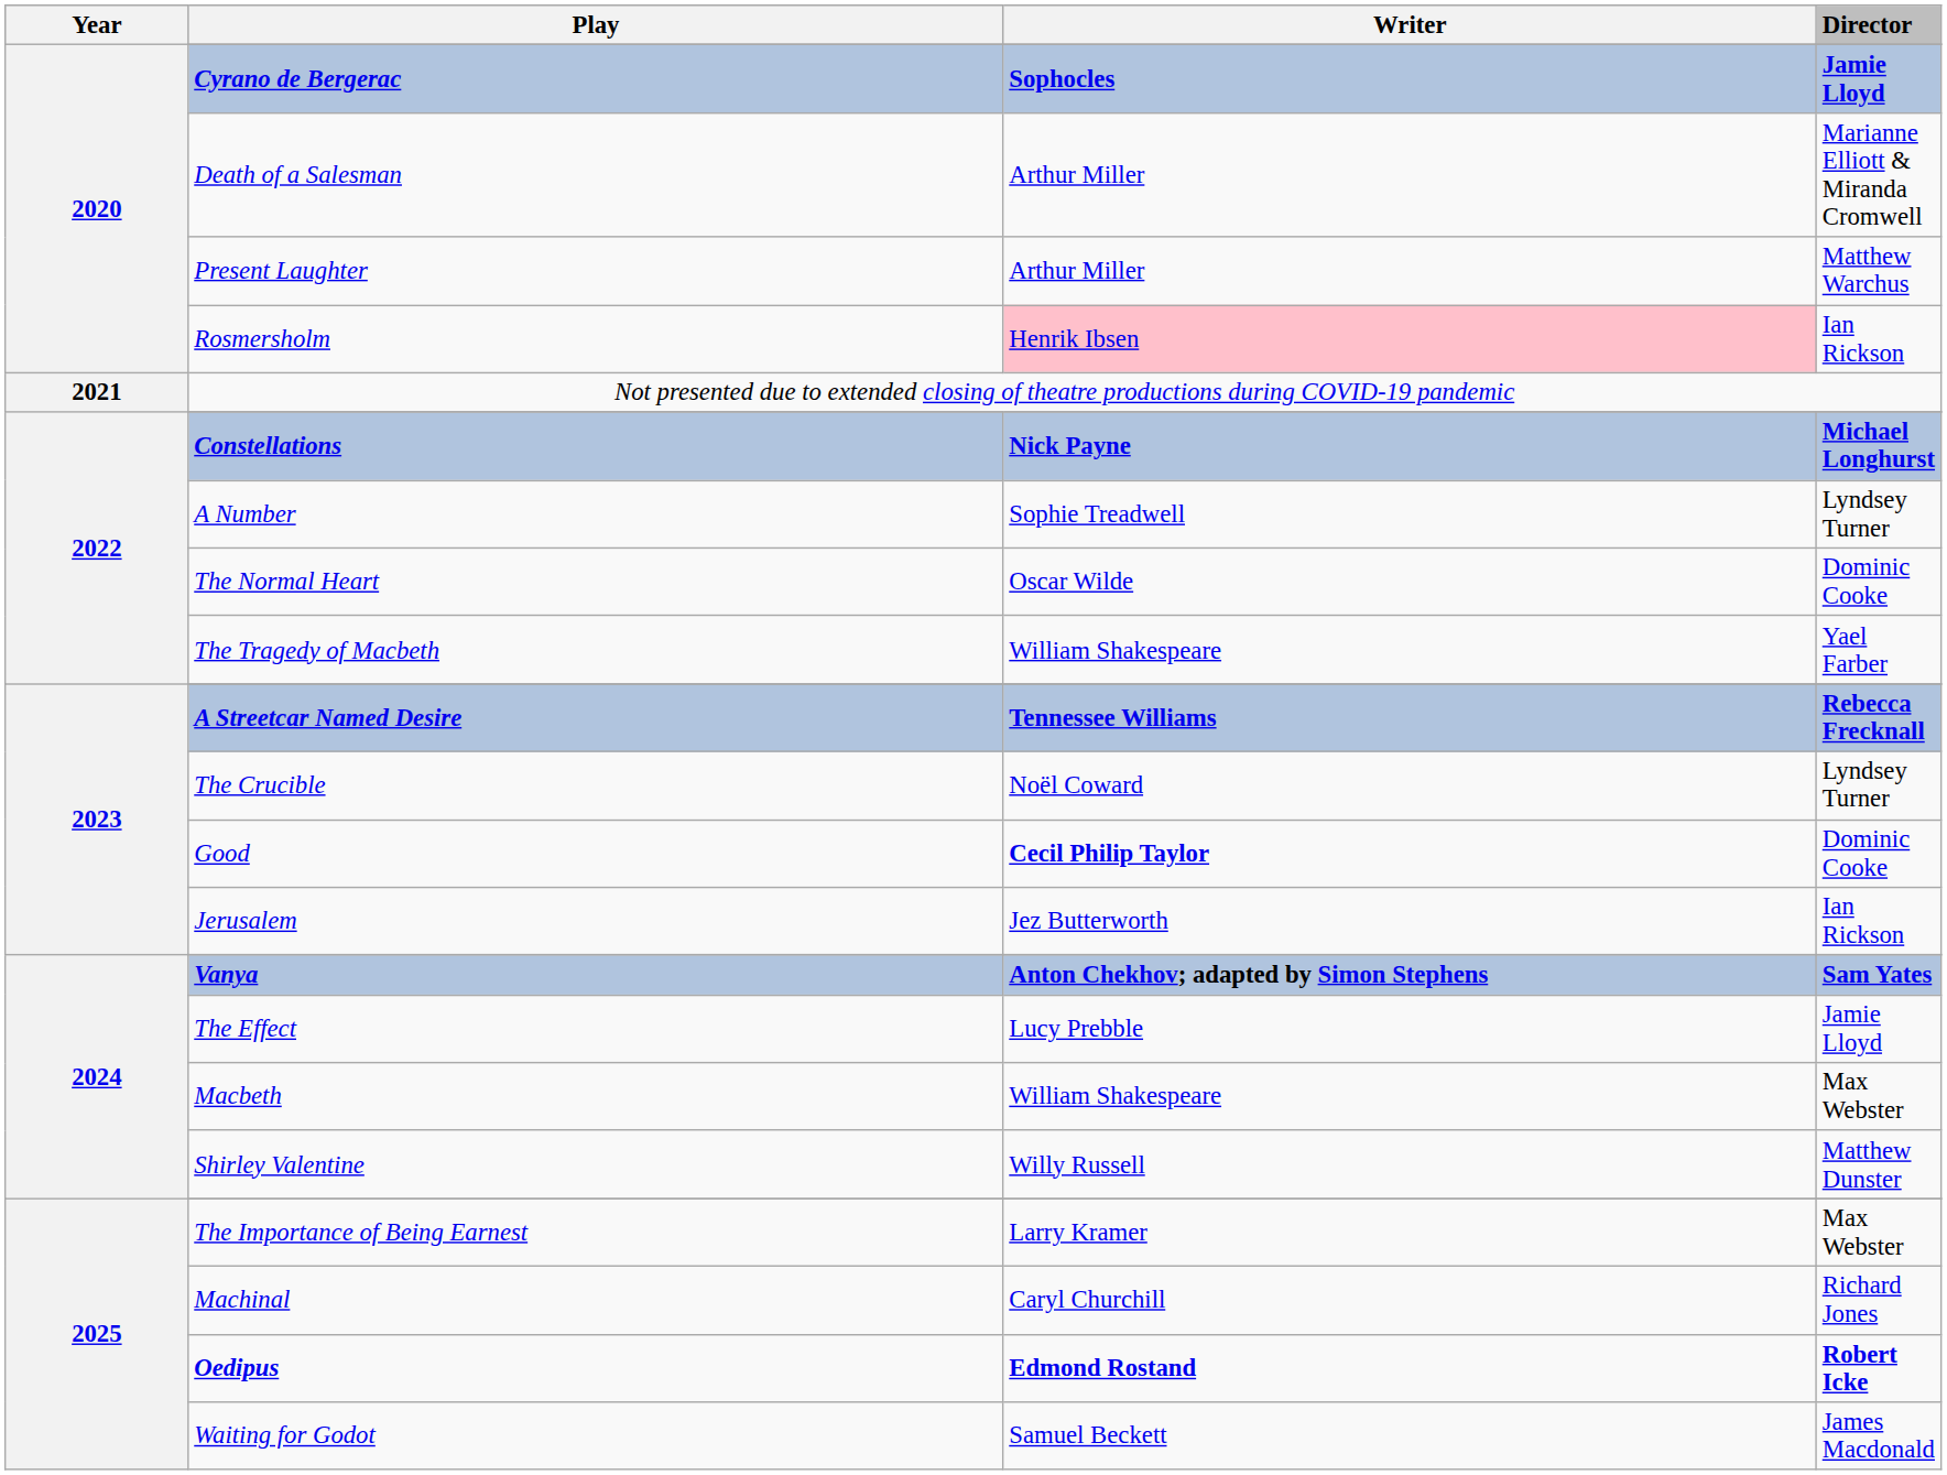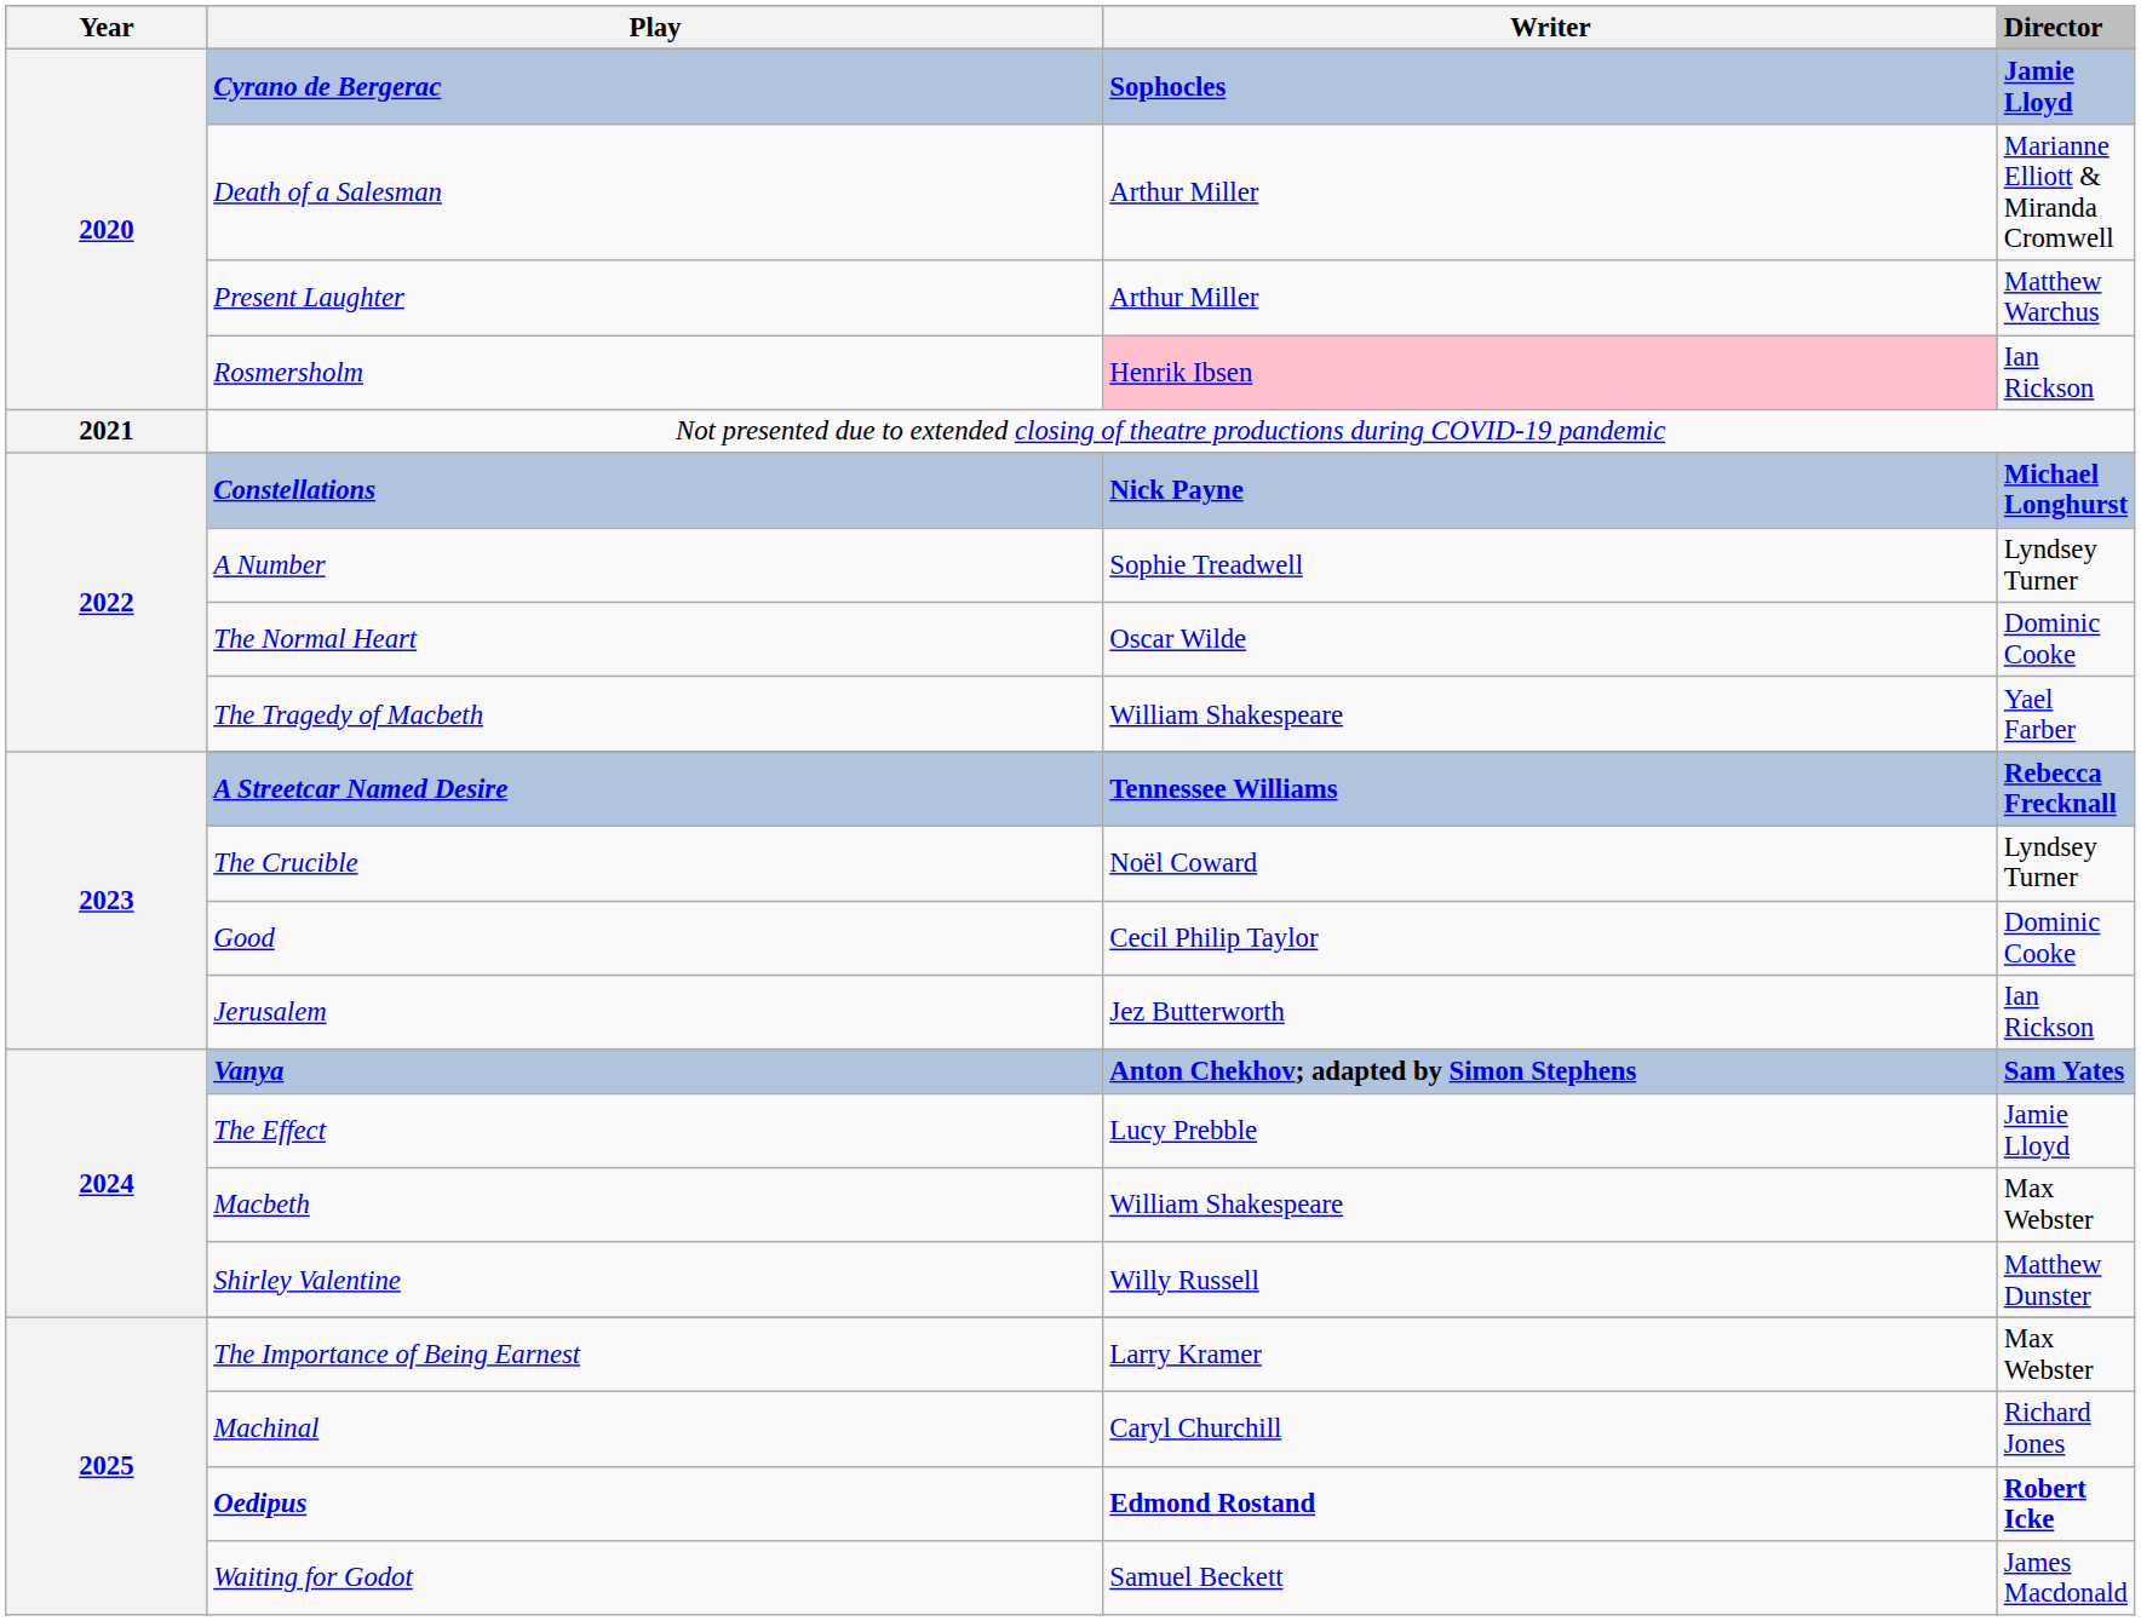 <table class="wikitable" style="width:98%;">
 <tr style="background:#bebebe;">
 <th style="width:10%;">Year</th>
 <th style="width:45%;">Play</th>
 <th style="width:45%;">Writer</th>
 <td><strong>Director</strong></td>
 </tr>
 <tr>
 <th rowspan="5" align="center"><a href='#'>2020</a></th>
 </tr>
 <tr style="background:#B0C4DE">
 <td><strong><em><a href='#'><em>Cyrano de Bergerac</em></a></em></strong></td>
 <td><strong><a href='#'>Sophocles</a></strong></td>
 <td><strong><a href='#'>Jamie Lloyd</a></strong></td>
 </tr>
 <tr>
 <td><em><a href='#'>Death of a Salesman</a></em></td>
 <td><a href='#'>Arthur Miller</a></td>
 <td><a href='#'>Marianne Elliott</a> & Miranda Cromwell</td>
 </tr>
 <tr>
 <td><em><a href='#'>Present Laughter</a></em></td>
 <td><a href='#'>Arthur Miller</a></td>
 <td><a href='#'>Matthew Warchus</a></td>
 </tr>
 <tr>
 <td><em><a href='#'>Rosmersholm</a></em></td>
 <td style="background: pink;"><a href='#'>Henrik Ibsen</a></td>
 <td><a href='#'>Ian Rickson</a></td>
 </tr>
 <tr>
 <th align="center">2021</th>
 <td colspan=3 align="center"><em>Not presented due to extended <a href='#'>closing of theatre productions during COVID-19 pandemic</a></em></td>
 </tr>
 <tr>
 <th rowspan="5"><a href='#'>2022</a></th>
 </tr>
 <tr style="background:#B0C4DE">
 <td><em><a href='#'><strong>Constellations</strong></a></em></td>
 <td><strong><a href='#'>Nick Payne</a></strong></td>
 <td><strong><a href='#'>Michael Longhurst</a></strong></td>
 </tr>
 <tr>
 <td><em><a href='#'>A Number</a></em></td>
 <td><a href='#'>Sophie Treadwell</a></td>
 <td>Lyndsey Turner</td>
 </tr>
 <tr>
 <td><em><a href='#'>The Normal Heart</a></em></td>
 <td><a href='#'>Oscar Wilde</a></td>
 <td><a href='#'>Dominic Cooke</a></td>
 </tr>
 <tr>
 <td><em><a href='#'>The Tragedy of Macbeth</a></em></td>
 <td><a href='#'>William Shakespeare</a></td>
 <td><a href='#'>Yael Farber</a></td>
 </tr>
 <tr>
 <th rowspan="5" align="center"><a href='#'>2023</a></th>
 </tr>
 <tr style="background:#B0C4DE">
 <td><strong><em><a href='#'>A Streetcar Named Desire</a></em></strong></td>
 <td><strong><a href='#'>Tennessee Williams</a></strong></td>
 <td><strong><a href='#'>Rebecca Frecknall</a></strong></td>
 </tr>
 <tr>
 <td><em><a href='#'>The Crucible</a></em></td>
 <td><a href='#'>Noël Coward</a></td>
 <td>Lyndsey Turner</td>
 </tr>
 <tr>
 <td><em><a href='#'>Good</a></em></td>
-<td><strong><a href='#'>Cecil Philip Taylor</a></strong></td>
+<td><a href='#'>Cecil Philip Taylor</a></td>
 <td><a href='#'>Dominic Cooke</a></td>
 </tr>
 <tr>
 <td><em><a href='#'>Jerusalem</a></em></td>
 <td><a href='#'>Jez Butterworth</a></td>
 <td><a href='#'>Ian Rickson</a></td>
 </tr>
 <tr>
 <th rowspan="5" align="center"><a href='#'>2024</a></th>
 </tr>
 <tr style="background:#B0C4DE">
 <td><strong><em><a href='#'>Vanya</a></em></strong></td>
 <td><strong><a href='#'>Anton Chekhov</a>; adapted by <a href='#'>Simon Stephens</a></strong></td>
 <td><strong><a href='#'>Sam Yates</a></strong></td>
 </tr>
 <tr>
 <td><em><a href='#'>The Effect</a></em></td>
 <td><a href='#'>Lucy Prebble</a></td>
 <td><a href='#'>Jamie Lloyd</a></td>
 </tr>
 <tr>
 <td><em><a href='#'>Macbeth</a></em></td>
 <td><a href='#'>William Shakespeare</a></td>
 <td>Max Webster</td>
 </tr>
 <tr>
 <td><em><a href='#'>Shirley Valentine</a></em></td>
 <td><a href='#'>Willy Russell</a></td>
 <td><a href='#'>Matthew Dunster</a></td>
 </tr>
 <tr>
 <th rowspan="5" align="center"><a href='#'>2025</a></th>
 </tr>
 <tr style=>
 <td><em><a href='#'>The Importance of Being Earnest</a></em></td>
 <td><a href='#'>Larry Kramer</a></td>
 <td>Max Webster</td>
 </tr>
 <tr>
 <td><em><a href='#'>Machinal</a></em></td>
 <td><a href='#'>Caryl Churchill</a></td>
 <td><a href='#'>Richard Jones</a></td>
 </tr>
 <tr>
 <td><strong><em><a href='#'>Oedipus</a></em></strong></td>
 <td><strong><a href='#'>Edmond Rostand</a></strong></td>
 <td><strong><a href='#'>Robert Icke</a></strong></td>
 </tr>
 <tr>
 <td><em><a href='#'>Waiting for Godot</a></em></td>
 <td><a href='#'>Samuel Beckett</a></td>
 <td><a href='#'>James Macdonald</a></td>
 </tr>
 </table>
